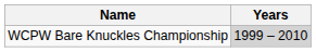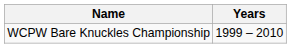 <table class="wikitable" border="1">
 <tr>
 <th>Name</th>
 <th>Years</th>
 </tr>
 <tr>
 <td>WCPW Bare Knuckles Championship</td>
-<td style="background: lightgrey;">1999 – 2010</td>
+<td>1999 – 2010</td>
 </tr>
 </table>
